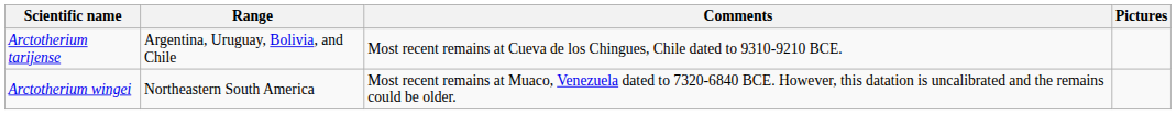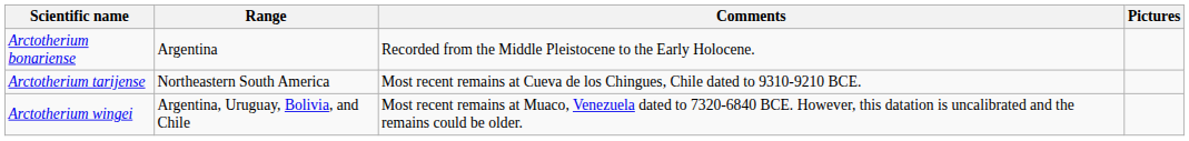 <table class="wikitable">
 <tr>
 <th>Scientific name</th>
 <th>Range</th>
 <th class="unsortable">Comments</th>
 <th>Pictures</th>
 </tr>
 <tr>
+<td><em><a href='#'>Arctotherium bonariense</a></em></td>
+<td>Argentina</td>
+<td>Recorded from the Middle Pleistocene to the Early Holocene.</td>
+<td></td>
+</tr>
+<tr>
 <td><em><a href='#'>Arctotherium tarijense</a></em></td>
-<td>Argentina, Uruguay, <a href='#'>Bolivia</a>, and Chile</td>
+<td>Northeastern South America</td>
 <td>Most recent remains at Cueva de los Chingues, Chile dated to 9310-9210 BCE.</td>
 <td></td>
 </tr>
 <tr>
 <td><em><a href='#'>Arctotherium wingei</a></em></td>
-<td>Northeastern South America</td>
+<td>Argentina, Uruguay, <a href='#'>Bolivia</a>, and Chile</td>
 <td>Most recent remains at Muaco, <a href='#'>Venezuela</a> dated to 7320-6840 BCE. However, this datation is uncalibrated and the remains could be older.</td>
 <td></td>
 </tr>
 </table>
